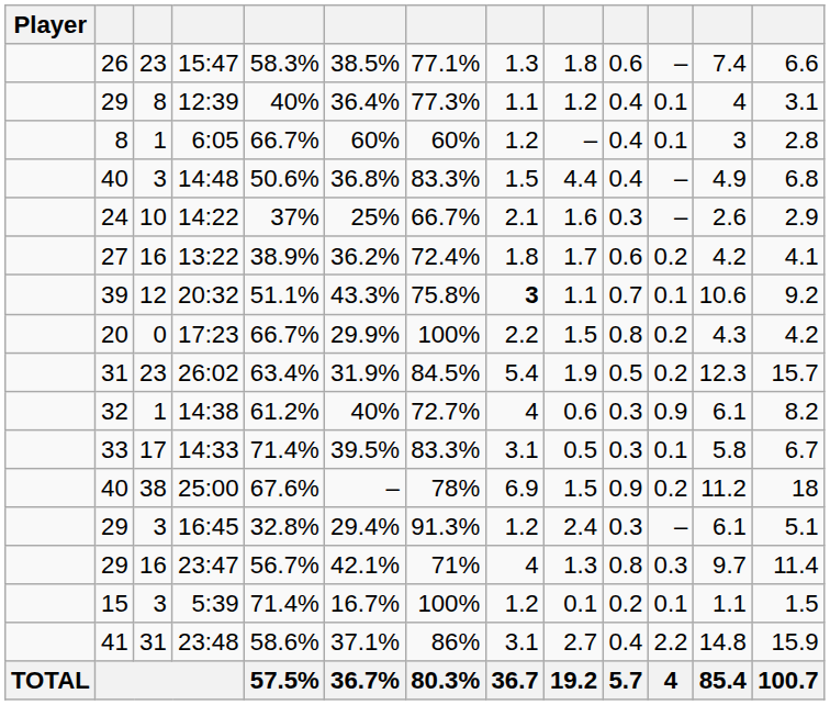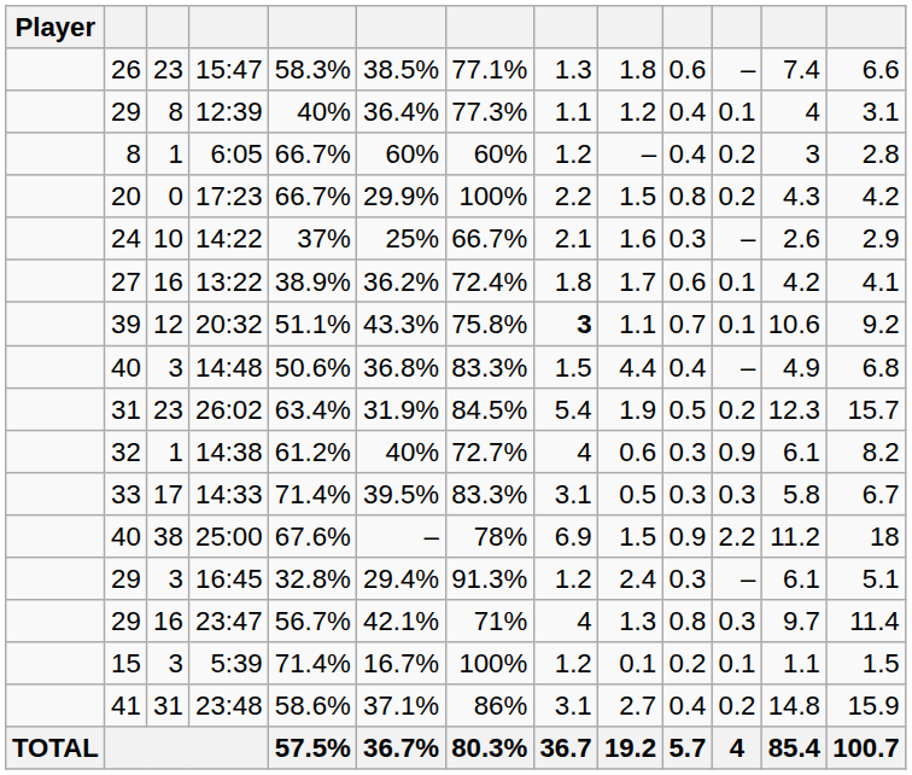 <table class="wikitable sortable" style="font-size:95%; text-align:right;">
 <tr>
 <th>Player</th>
 <th></th>
 <th></th>
 <th></th>
 <th></th>
 <th></th>
 <th></th>
 <th></th>
 <th></th>
 <th></th>
 <th></th>
 <th></th>
 <th></th>
 </tr>
 <tr>
 <td></td>
 <td>26</td>
 <td>23</td>
 <td>15:47</td>
 <td>58.3%</td>
 <td>38.5%</td>
 <td>77.1%</td>
 <td>1.3</td>
 <td>1.8</td>
 <td>0.6</td>
 <td>–</td>
 <td>7.4</td>
 <td>6.6</td>
 </tr>
 <tr>
 <td></td>
 <td>29</td>
 <td>8</td>
 <td>12:39</td>
 <td>40%</td>
 <td>36.4%</td>
 <td>77.3%</td>
 <td>1.1</td>
 <td>1.2</td>
 <td>0.4</td>
 <td>0.1</td>
 <td>4</td>
 <td>3.1</td>
 </tr>
 <tr>
 <td></td>
 <td>8</td>
 <td>1</td>
 <td>6:05</td>
 <td>66.7%</td>
 <td>60%</td>
 <td>60%</td>
 <td>1.2</td>
 <td>–</td>
 <td>0.4</td>
-<td>0.1</td>
+<td>0.2</td>
 <td>3</td>
 <td>2.8</td>
 </tr>
 <tr>
 <td></td>
-<td>40</td>
-<td>3</td>
-<td>14:48</td>
-<td>50.6%</td>
-<td>36.8%</td>
-<td>83.3%</td>
+<td>20</td>
+<td>0</td>
+<td>17:23</td>
+<td>66.7%</td>
+<td>29.9%</td>
+<td>100%</td>
+<td>2.2</td>
 <td>1.5</td>
-<td>4.4</td>
-<td>0.4</td>
-<td>–</td>
-<td>4.9</td>
-<td>6.8</td>
+<td>0.8</td>
+<td>0.2</td>
+<td>4.3</td>
+<td>4.2</td>
 </tr>
 <tr>
 <td></td>
 <td>24</td>
 <td>10</td>
 <td>14:22</td>
 <td>37%</td>
 <td>25%</td>
 <td>66.7%</td>
 <td>2.1</td>
 <td>1.6</td>
 <td>0.3</td>
 <td>–</td>
 <td>2.6</td>
 <td>2.9</td>
 </tr>
 <tr>
 <td></td>
 <td>27</td>
 <td>16</td>
 <td>13:22</td>
 <td>38.9%</td>
 <td>36.2%</td>
 <td>72.4%</td>
 <td>1.8</td>
 <td>1.7</td>
 <td>0.6</td>
-<td>0.2</td>
+<td>0.1</td>
 <td>4.2</td>
 <td>4.1</td>
 </tr>
 <tr>
 <td></td>
 <td>39</td>
 <td>12</td>
 <td>20:32</td>
 <td>51.1%</td>
 <td>43.3%</td>
 <td>75.8%</td>
 <td><strong>3</strong></td>
 <td>1.1</td>
 <td>0.7</td>
 <td>0.1</td>
 <td>10.6</td>
 <td>9.2</td>
 </tr>
 <tr>
 <td></td>
-<td>20</td>
-<td>0</td>
-<td>17:23</td>
-<td>66.7%</td>
-<td>29.9%</td>
-<td>100%</td>
-<td>2.2</td>
+<td>40</td>
+<td>3</td>
+<td>14:48</td>
+<td>50.6%</td>
+<td>36.8%</td>
+<td>83.3%</td>
 <td>1.5</td>
-<td>0.8</td>
-<td>0.2</td>
-<td>4.3</td>
-<td>4.2</td>
+<td>4.4</td>
+<td>0.4</td>
+<td>–</td>
+<td>4.9</td>
+<td>6.8</td>
 </tr>
 <tr>
 <td></td>
 <td>31</td>
 <td>23</td>
 <td>26:02</td>
 <td>63.4%</td>
 <td>31.9%</td>
 <td>84.5%</td>
 <td>5.4</td>
 <td>1.9</td>
 <td>0.5</td>
 <td>0.2</td>
 <td>12.3</td>
 <td>15.7</td>
 </tr>
 <tr>
 <td></td>
 <td>32</td>
 <td>1</td>
 <td>14:38</td>
 <td>61.2%</td>
 <td>40%</td>
 <td>72.7%</td>
 <td>4</td>
 <td>0.6</td>
 <td>0.3</td>
 <td>0.9</td>
 <td>6.1</td>
 <td>8.2</td>
 </tr>
 <tr>
 <td></td>
 <td>33</td>
 <td>17</td>
 <td>14:33</td>
 <td>71.4%</td>
 <td>39.5%</td>
 <td>83.3%</td>
 <td>3.1</td>
 <td>0.5</td>
 <td>0.3</td>
-<td>0.1</td>
+<td>0.3</td>
 <td>5.8</td>
 <td>6.7</td>
 </tr>
 <tr>
 <td></td>
 <td>40</td>
 <td>38</td>
 <td>25:00</td>
 <td>67.6%</td>
 <td>–</td>
 <td>78%</td>
 <td>6.9</td>
 <td>1.5</td>
 <td>0.9</td>
-<td>0.2</td>
+<td>2.2</td>
 <td>11.2</td>
 <td>18</td>
 </tr>
 <tr>
 <td></td>
 <td>29</td>
 <td>3</td>
 <td>16:45</td>
 <td>32.8%</td>
 <td>29.4%</td>
 <td>91.3%</td>
 <td>1.2</td>
 <td>2.4</td>
 <td>0.3</td>
 <td>–</td>
 <td>6.1</td>
 <td>5.1</td>
 </tr>
 <tr>
 <td></td>
 <td>29</td>
 <td>16</td>
 <td>23:47</td>
 <td>56.7%</td>
 <td>42.1%</td>
 <td>71%</td>
 <td>4</td>
 <td>1.3</td>
 <td>0.8</td>
 <td>0.3</td>
 <td>9.7</td>
 <td>11.4</td>
 </tr>
 <tr>
 <td></td>
 <td>15</td>
 <td>3</td>
 <td>5:39</td>
 <td>71.4%</td>
 <td>16.7%</td>
 <td>100%</td>
 <td>1.2</td>
 <td>0.1</td>
 <td>0.2</td>
 <td>0.1</td>
 <td>1.1</td>
 <td>1.5</td>
 </tr>
 <tr>
 <td></td>
 <td>41</td>
 <td>31</td>
 <td>23:48</td>
 <td>58.6%</td>
 <td>37.1%</td>
 <td>86%</td>
 <td>3.1</td>
 <td>2.7</td>
 <td>0.4</td>
-<td>2.2</td>
+<td>0.2</td>
 <td>14.8</td>
 <td>15.9</td>
 </tr>
 <tr>
 <th align=center><strong>TOTAL</strong></th>
 <th colspan=3></th>
 <th>57.5%</th>
 <th>36.7%</th>
 <th>80.3%</th>
 <th>36.7</th>
 <th>19.2</th>
 <th>5.7</th>
 <th>4</th>
 <th>85.4</th>
 <th>100.7</th>
 </tr>
 </table>
